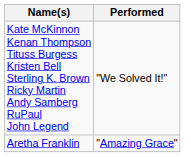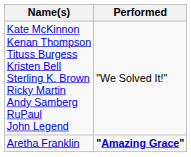 <table class="wikitable sortable">
 <tr>
 <th>Name(s)</th>
 <th>Performed</th>
 </tr>
 <tr>
 <td><a href='#'>Kate McKinnon</a><br><a href='#'>Kenan Thompson</a><br><a href='#'>Tituss Burgess</a><br><a href='#'>Kristen Bell</a><br><a href='#'>Sterling K. Brown</a><br><a href='#'>Ricky Martin</a><br><a href='#'>Andy Samberg</a><br><a href='#'>RuPaul</a><br><a href='#'>John Legend</a></td>
 <td>"We Solved It!"</td>
 </tr>
 <tr>
 <td><a href='#'>Aretha Franklin</a></td>
-<td>"<a href='#'>Amazing Grace</a>"</td>
+<td><strong>"<a href='#'>Amazing Grace</a>"</strong></td>
 </tr>
 </table>
